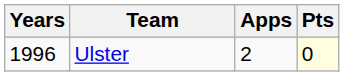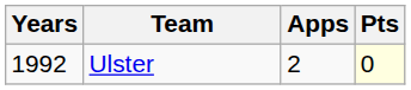 <table class="wikitable" style="text-align:left;">
 <tr>
 <th>Years</th>
 <th width=120px>Team</th>
 <th>Apps</th>
 <th>Pts</th>
 </tr>
 <tr>
-<td>1996</td>
+<td>1992</td>
 <td><a href='#'>Ulster</a></td>
 <td>2</td>
 <td style="background: lightyellow;">0</td>
 </tr>
 </table>
